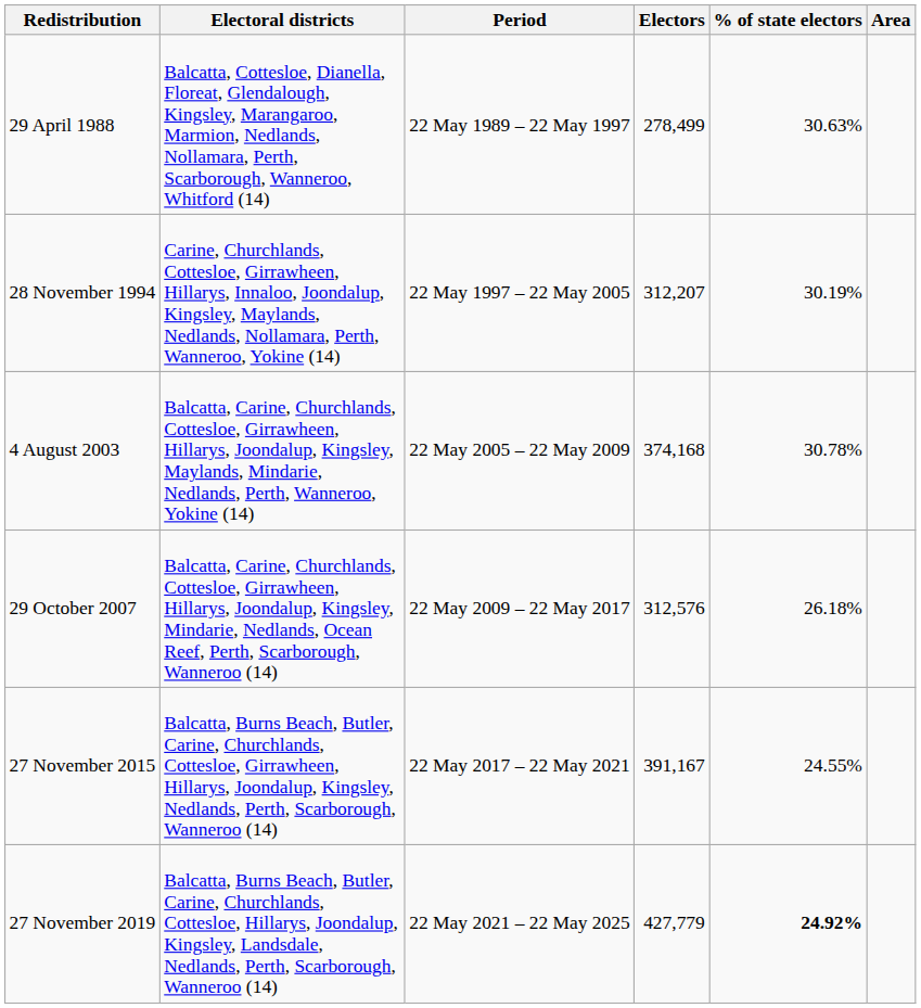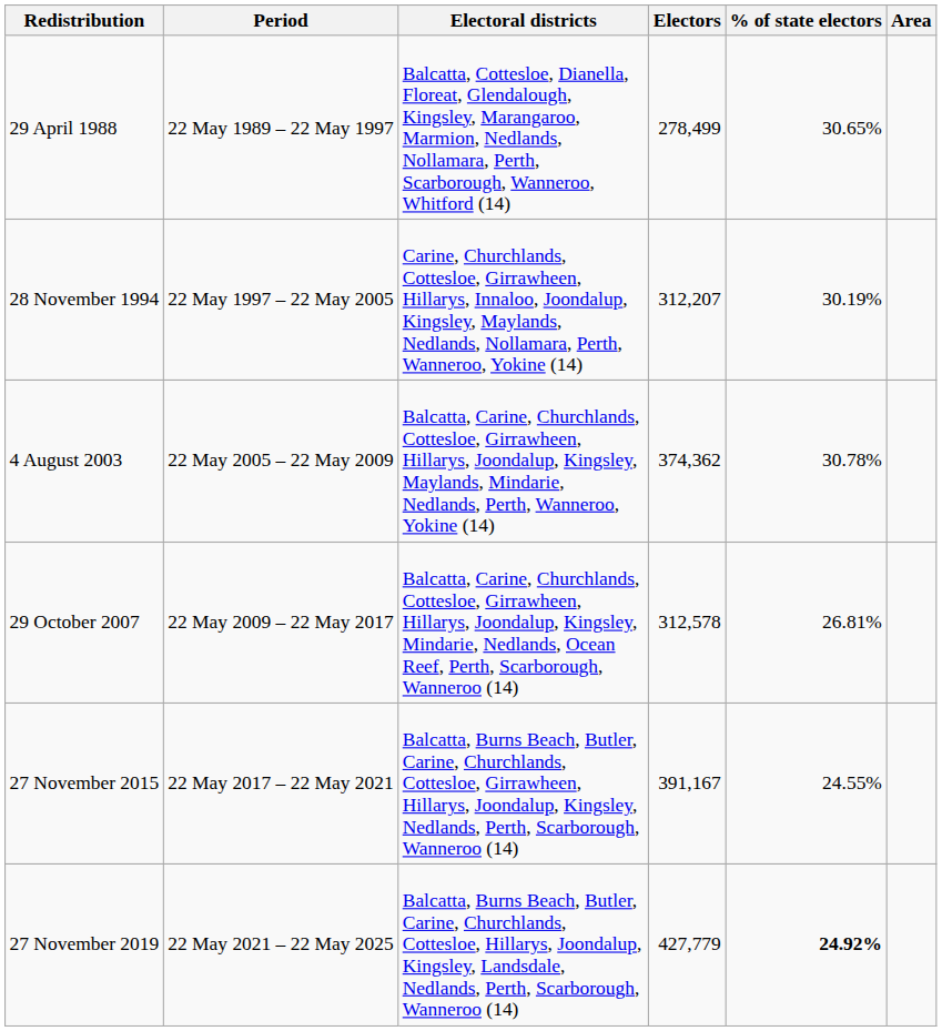 <table class="wikitable">
 <tr>
 <th>Redistribution</th>
+<th>Period</th>
 <th>Electoral districts</th>
-<th>Period</th>
 <th>Electors</th>
 <th>% of state electors</th>
 <th>Area</th>
 </tr>
 <tr>
 <td>29 April 1988</td>
+<td>22 May 1989 – 22 May 1997</td>
 <td width = 200><br><a href='#'>Balcatta</a>,  <a href='#'>Cottesloe</a>,  <a href='#'>Dianella</a>,  <a href='#'>Floreat</a>,  <a href='#'>Glendalough</a>,  <a href='#'>Kingsley</a>,  <a href='#'>Marangaroo</a>,  <a href='#'>Marmion</a>,  <a href='#'>Nedlands</a>,  <a href='#'>Nollamara</a>,  <a href='#'>Perth</a>,  <a href='#'>Scarborough</a>,  <a href='#'>Wanneroo</a>,  <a href='#'>Whitford</a> (14)</td>
-<td>22 May 1989 – 22 May 1997</td>
 <td align=right>278,499</td>
-<td align=right>30.63%</td>
+<td align=right>30.65%</td>
 <td align=right></td>
 </tr>
 <tr>
 <td>28 November 1994</td>
+<td>22 May 1997 – 22 May 2005</td>
 <td width = 200><br><a href='#'>Carine</a>,  <a href='#'>Churchlands</a>,  <a href='#'>Cottesloe</a>,  <a href='#'>Girrawheen</a>,  <a href='#'>Hillarys</a>, <a href='#'>Innaloo</a>,  <a href='#'>Joondalup</a>,  <a href='#'>Kingsley</a>,  <a href='#'>Maylands</a>,  <a href='#'>Nedlands</a>,  <a href='#'>Nollamara</a>,  <a href='#'>Perth</a>,  <a href='#'>Wanneroo</a>,  <a href='#'>Yokine</a> (14)</td>
-<td>22 May 1997 – 22 May 2005</td>
 <td align=right>312,207</td>
 <td align=right>30.19%</td>
 <td align=right></td>
 </tr>
 <tr>
 <td>4 August 2003</td>
+<td>22 May 2005 – 22 May 2009</td>
 <td width = 200><br><a href='#'>Balcatta</a>,  <a href='#'>Carine</a>,  <a href='#'>Churchlands</a>,  <a href='#'>Cottesloe</a>,  <a href='#'>Girrawheen</a>,  <a href='#'>Hillarys</a>, <a href='#'>Joondalup</a>,  <a href='#'>Kingsley</a>,  <a href='#'>Maylands</a>,  <a href='#'>Mindarie</a>,  <a href='#'>Nedlands</a>,  <a href='#'>Perth</a>,  <a href='#'>Wanneroo</a>,  <a href='#'>Yokine</a> (14)</td>
-<td>22 May 2005 – 22 May 2009</td>
-<td align=right>374,168</td>
+<td align=right>374,362</td>
 <td align=right>30.78%</td>
 <td align=right></td>
 </tr>
 <tr>
 <td>29 October 2007</td>
+<td>22 May 2009 – 22 May 2017</td>
 <td width = 200><br><a href='#'>Balcatta</a>,  <a href='#'>Carine</a>,  <a href='#'>Churchlands</a>,  <a href='#'>Cottesloe</a>,  <a href='#'>Girrawheen</a>,  <a href='#'>Hillarys</a>, <a href='#'>Joondalup</a>,  <a href='#'>Kingsley</a>,  <a href='#'>Mindarie</a>,  <a href='#'>Nedlands</a>,  <a href='#'>Ocean Reef</a>,  <a href='#'>Perth</a>,  <a href='#'>Scarborough</a>, <a href='#'>Wanneroo</a> (14)</td>
-<td>22 May 2009 – 22 May 2017</td>
-<td align=right>312,576</td>
-<td align=right>26.18%</td>
+<td align=right>312,578</td>
+<td align=right>26.81%</td>
 <td align=right></td>
 </tr>
 <tr>
 <td>27 November 2015</td>
+<td>22 May 2017 – 22 May 2021</td>
 <td width = 200><br><a href='#'>Balcatta</a>,  <a href='#'>Burns Beach</a>,  <a href='#'>Butler</a>,  <a href='#'>Carine</a>,  <a href='#'>Churchlands</a>,  <a href='#'>Cottesloe</a>,  <a href='#'>Girrawheen</a>,  <a href='#'>Hillarys</a>, <a href='#'>Joondalup</a>,  <a href='#'>Kingsley</a>,  <a href='#'>Nedlands</a>,  <a href='#'>Perth</a>,  <a href='#'>Scarborough</a>, <a href='#'>Wanneroo</a> (14)</td>
-<td>22 May 2017 – 22 May 2021</td>
 <td align=right>391,167</td>
 <td align=right>24.55%</td>
 <td align=right></td>
 </tr>
 <tr>
 <td>27 November 2019</td>
+<td>22 May 2021 – 22 May 2025</td>
 <td width = 200><br><a href='#'>Balcatta</a>,  <a href='#'>Burns Beach</a>,  <a href='#'>Butler</a>,  <a href='#'>Carine</a>,  <a href='#'>Churchlands</a>,  <a href='#'>Cottesloe</a>,  <a href='#'>Hillarys</a>, <a href='#'>Joondalup</a>,  <a href='#'>Kingsley</a>,  <a href='#'>Landsdale</a>,  <a href='#'>Nedlands</a>,  <a href='#'>Perth</a>,  <a href='#'>Scarborough</a>, <a href='#'>Wanneroo</a> (14)</td>
-<td>22 May 2021 – 22 May 2025</td>
 <td align=right>427,779</td>
 <td align=right><strong>24.92%</strong></td>
 <td align=right></td>
 </tr>
 </table>
